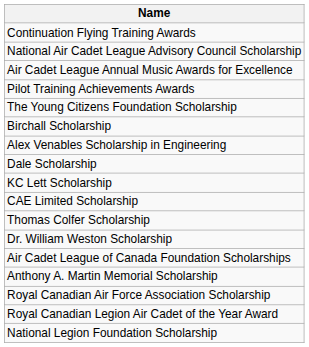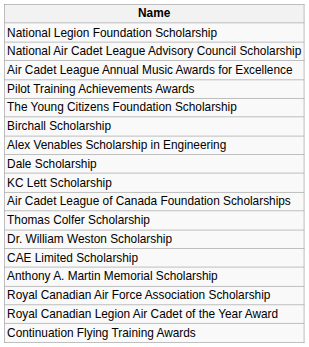 <table class="wikitable">
 <tr>
 <th>Name</th>
 </tr>
 <tr>
-<td>Continuation Flying Training Awards</td>
+<td>National Legion Foundation Scholarship</td>
 </tr>
 <tr>
 <td>National Air Cadet League Advisory Council Scholarship</td>
 </tr>
 <tr>
 <td>Air Cadet League Annual Music Awards for Excellence</td>
 </tr>
 <tr>
 <td>Pilot Training Achievements Awards</td>
 </tr>
 <tr>
 <td>The Young Citizens Foundation Scholarship</td>
 </tr>
 <tr>
 <td>Birchall Scholarship</td>
 </tr>
 <tr>
 <td>Alex Venables Scholarship in Engineering</td>
 </tr>
 <tr>
 <td>Dale Scholarship</td>
 </tr>
 <tr>
 <td>KC Lett Scholarship</td>
 </tr>
 <tr>
-<td>CAE Limited Scholarship</td>
+<td>Air Cadet League of Canada Foundation Scholarships</td>
 </tr>
 <tr>
 <td>Thomas Colfer Scholarship</td>
 </tr>
 <tr>
 <td>Dr. William Weston Scholarship</td>
 </tr>
 <tr>
-<td>Air Cadet League of Canada Foundation Scholarships</td>
+<td>CAE Limited Scholarship</td>
 </tr>
 <tr>
 <td>Anthony A. Martin Memorial Scholarship</td>
 </tr>
 <tr>
 <td>Royal Canadian Air Force Association Scholarship</td>
 </tr>
 <tr>
 <td>Royal Canadian Legion Air Cadet of the Year Award</td>
 </tr>
 <tr>
-<td>National Legion Foundation Scholarship</td>
+<td>Continuation Flying Training Awards</td>
 </tr>
 </table>
